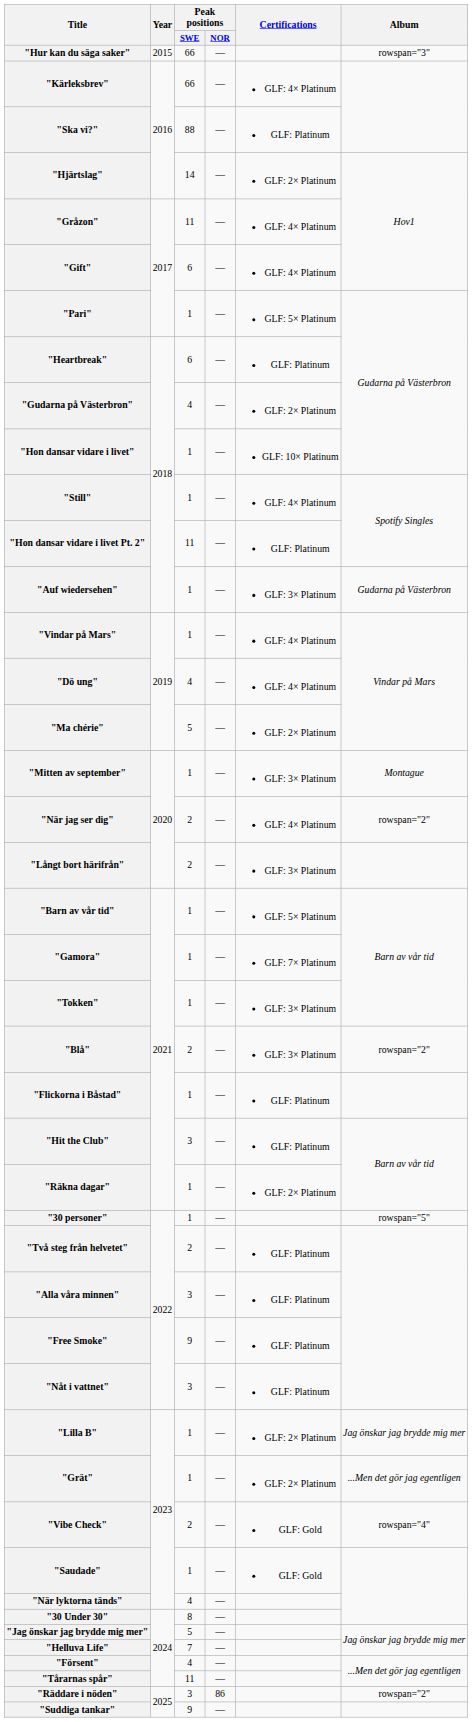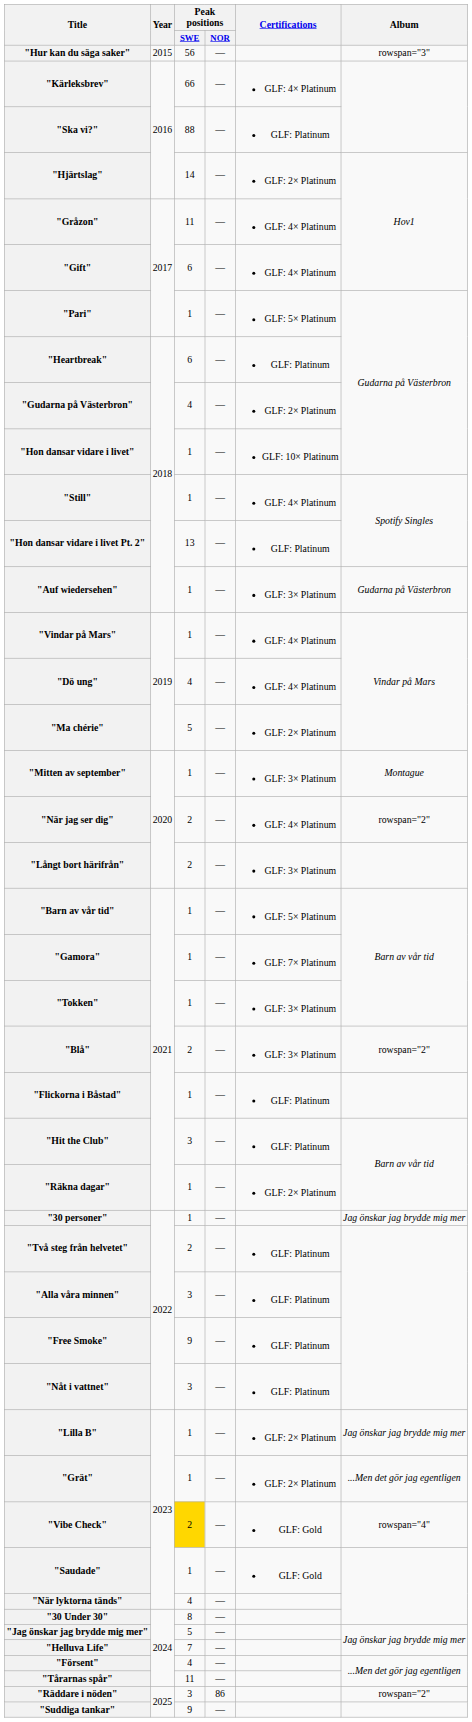 <table class="wikitable plainrowheaders" style="text-align:center">
 <tr>
 <th scope="col" rowspan="2">Title</th>
 <th scope="col" rowspan="2">Year</th>
 <th scope="col" colspan="2">Peak positions</th>
 <th scope="col" rowspan="2"><a href='#'>Certifications</a><br></th>
 <th scope="col" rowspan="2">Album</th>
 </tr>
 <tr>
 <th scope="col" style="width:3em;font-size:90%;"><a href='#'>SWE</a><br></th>
 <th scope="col" style="width:3em;font-size:90%;"><a href='#'>NOR</a><br></th>
 </tr>
 <tr>
 <th scope="row">"Hur kan du säga saker"</th>
 <td>2015</td>
-<td>66</td>
+<td>56</td>
 <td>—</td>
 <td></td>
 <td>rowspan="3" </td>
 </tr>
 <tr>
 <th scope="row">"Kärleksbrev"</th>
 <td rowspan=3>2016</td>
 <td>66</td>
 <td>—</td>
 <td><br><ul><li>GLF: 4× Platinum</li></ul></td>
 </tr>
 <tr>
 <th scope="row">"Ska vi?"</th>
 <td>88</td>
 <td>—</td>
 <td><br><ul><li>GLF: Platinum</li></ul></td>
 </tr>
 <tr>
 <th scope="row">"Hjärtslag"</th>
 <td>14</td>
 <td>—</td>
 <td><br><ul><li>GLF: 2× Platinum</li></ul></td>
 <td rowspan=3><em>Hov1</em></td>
 </tr>
 <tr>
 <th scope="row">"Gråzon"</th>
 <td rowspan=3>2017</td>
 <td>11</td>
 <td>—</td>
 <td><br><ul><li>GLF: 4× Platinum</li></ul></td>
 </tr>
 <tr>
 <th scope="row">"Gift"</th>
 <td>6</td>
 <td>—</td>
 <td><br><ul><li>GLF: 4× Platinum</li></ul></td>
 </tr>
 <tr>
 <th scope="row">"Pari"<br></th>
 <td>1</td>
 <td>—</td>
 <td><br><ul><li>GLF: 5× Platinum</li></ul></td>
 <td rowspan="4"><em>Gudarna på Västerbron</em></td>
 </tr>
 <tr>
 <th scope="row">"Heartbreak"</th>
 <td rowspan="6">2018</td>
 <td>6</td>
 <td>—</td>
 <td><br><ul><li>GLF: Platinum</li></ul></td>
 </tr>
 <tr>
 <th scope="row">"Gudarna på Västerbron"</th>
 <td>4</td>
 <td>—</td>
 <td><br><ul><li>GLF: 2× Platinum</li></ul></td>
 </tr>
 <tr>
 <th scope="row">"Hon dansar vidare i livet"</th>
 <td>1</td>
 <td>—</td>
 <td><br><ul><li>GLF: 10× Platinum</li></ul></td>
 </tr>
 <tr>
 <th scope="row">"Still"</th>
 <td>1</td>
 <td>—</td>
 <td><br><ul><li>GLF: 4× Platinum</li></ul></td>
 <td rowspan="2"><em>Spotify Singles</em></td>
 </tr>
 <tr>
 <th scope="row">"Hon dansar vidare i livet Pt. 2"</th>
-<td>11</td>
+<td>13</td>
 <td>—</td>
 <td><br><ul><li>GLF: Platinum</li></ul></td>
 </tr>
 <tr>
 <th scope="row">"Auf wiedersehen"</th>
 <td>1</td>
 <td>—</td>
 <td><br><ul><li>GLF: 3× Platinum</li></ul></td>
 <td><em>Gudarna på Västerbron</em></td>
 </tr>
 <tr>
 <th scope="row">"Vindar på Mars"</th>
 <td rowspan="3">2019</td>
 <td>1</td>
 <td>—</td>
 <td><br><ul><li>GLF: 4× Platinum</li></ul></td>
 <td rowspan="3"><em>Vindar på Mars</em></td>
 </tr>
 <tr>
 <th scope="row">"Dö ung"</th>
 <td>4</td>
 <td>—</td>
 <td><br><ul><li>GLF: 4× Platinum</li></ul></td>
 </tr>
 <tr>
 <th scope="row">"Ma chérie"</th>
 <td>5</td>
 <td>—</td>
 <td><br><ul><li>GLF: 2× Platinum</li></ul></td>
 </tr>
 <tr>
 <th scope="row">"Mitten av september"</th>
 <td rowspan="3">2020</td>
 <td>1</td>
 <td>—</td>
 <td><br><ul><li>GLF: 3× Platinum</li></ul></td>
 <td><em>Montague</em></td>
 </tr>
 <tr>
 <th scope="row">"När jag ser dig"</th>
 <td>2</td>
 <td>—</td>
 <td><br><ul><li>GLF: 4× Platinum</li></ul></td>
 <td>rowspan="2" </td>
 </tr>
 <tr>
 <th scope="row">"Långt bort härifrån"</th>
 <td>2</td>
 <td>—</td>
 <td><br><ul><li>GLF: 3× Platinum</li></ul></td>
 </tr>
 <tr>
 <th scope="row">"Barn av vår tid"</th>
 <td rowspan="7">2021</td>
 <td>1</td>
 <td>—</td>
 <td><br><ul><li>GLF: 5× Platinum</li></ul></td>
 <td rowspan="3"><em>Barn av vår tid</em></td>
 </tr>
 <tr>
 <th scope="row">"Gamora"<br></th>
 <td>1</td>
 <td>—</td>
 <td><br><ul><li>GLF: 7× Platinum</li></ul></td>
 </tr>
 <tr>
 <th scope="row">"Tokken"<br></th>
 <td>1</td>
 <td>—</td>
 <td><br><ul><li>GLF: 3× Platinum</li></ul></td>
 </tr>
 <tr>
 <th scope="row">"Blå"</th>
 <td>2</td>
 <td>—</td>
 <td><br><ul><li>GLF: 3× Platinum</li></ul></td>
 <td>rowspan="2" </td>
 </tr>
 <tr>
 <th scope="row">"Flickorna i Båstad"</th>
 <td>1</td>
 <td>—</td>
 <td><br><ul><li>GLF: Platinum</li></ul></td>
 </tr>
 <tr>
 <th scope="row">"Hit the Club"</th>
 <td>3</td>
 <td>—</td>
 <td><br><ul><li>GLF: Platinum</li></ul></td>
 <td rowspan="2"><em>Barn av vår tid</em></td>
 </tr>
 <tr>
 <th scope="row">"Räkna dagar"</th>
 <td>1</td>
 <td>—</td>
 <td><br><ul><li>GLF: 2× Platinum</li></ul></td>
 </tr>
 <tr>
 <th scope="row">"30 personer"<br></th>
 <td rowspan="5">2022</td>
 <td>1</td>
 <td>—</td>
 <td></td>
-<td>rowspan="5" </td>
+<td><em>Jag önskar jag brydde mig mer</em></td>
 </tr>
 <tr>
 <th scope="row">"Två steg från helvetet"</th>
 <td>2</td>
 <td>—</td>
 <td><br><ul><li>GLF: Platinum</li></ul></td>
 </tr>
 <tr>
 <th scope="row">"Alla våra minnen"</th>
 <td>3</td>
 <td>—</td>
 <td><br><ul><li>GLF: Platinum</li></ul></td>
 </tr>
 <tr>
 <th scope="row">"Free Smoke"</th>
 <td>9</td>
 <td>—</td>
 <td><br><ul><li>GLF: Platinum</li></ul></td>
 </tr>
 <tr>
 <th scope="row">"Nåt i vattnet"</th>
 <td>3</td>
 <td>—</td>
 <td><br><ul><li>GLF: Platinum</li></ul></td>
 </tr>
 <tr>
 <th scope="row">"Lilla B"</th>
 <td rowspan="5">2023</td>
 <td>1</td>
 <td>—</td>
 <td><br><ul><li>GLF: 2× Platinum</li></ul></td>
 <td><em>Jag önskar jag brydde mig mer</em></td>
 </tr>
 <tr>
 <th scope="row">"Grät"</th>
 <td>1</td>
 <td>—</td>
 <td><br><ul><li>GLF: 2× Platinum</li></ul></td>
 <td><em>...Men det gör jag egentligen</em></td>
 </tr>
 <tr>
 <th scope="row">"Vibe Check"</th>
-<td>2</td>
+<td style="background: gold;">2</td>
 <td>—</td>
 <td><br><ul><li>GLF: Gold</li></ul></td>
 <td>rowspan="4" </td>
 </tr>
 <tr>
 <th scope="row">"Saudade"<br></th>
 <td>1</td>
 <td>—</td>
 <td><br><ul><li>GLF: Gold</li></ul></td>
 </tr>
 <tr>
 <th scope="row">"När lyktorna tänds"</th>
 <td>4</td>
 <td>—</td>
 <td></td>
 </tr>
 <tr>
 <th scope="row">"30 Under 30"</th>
 <td rowspan="5">2024</td>
 <td>8</td>
 <td>—</td>
 <td></td>
 </tr>
 <tr>
 <th scope="row">"Jag önskar jag brydde mig mer"</th>
 <td>5</td>
 <td>—</td>
 <td></td>
 <td rowspan="2"><em>Jag önskar jag brydde mig mer</em></td>
 </tr>
 <tr>
 <th scope="row">"Helluva Life"</th>
 <td>7<br></td>
 <td>—</td>
 <td></td>
 </tr>
 <tr>
 <th scope="row">"Försent"<br></th>
 <td>4<br></td>
 <td>—</td>
 <td></td>
 <td rowspan="2"><em>...Men det gör jag egentligen</em></td>
 </tr>
 <tr>
 <th scope="row">"Tårarnas spår"</th>
 <td>11<br></td>
 <td>—</td>
 <td></td>
 </tr>
 <tr>
 <th scope="row">"Räddare i nöden"</th>
 <td rowspan="2">2025</td>
 <td>3<br></td>
 <td>86</td>
 <td></td>
 <td>rowspan="2" </td>
 </tr>
 <tr>
 <th scope="row">"Suddiga tankar"</th>
 <td>9<br></td>
 <td>—</td>
 <td></td>
 </tr>
 </table>
